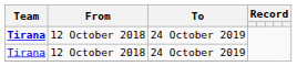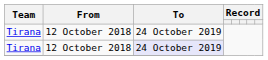 <table class="wikitable" style="text-align: center">
 <tr>
 <th rowspan="2">Team</th>
 <th rowspan="2">From</th>
 <th rowspan="2">To</th>
 <th colspan="5">Record</th>
 </tr>
 <tr>
 <th></th>
 <th></th>
 <th></th>
 <th></th>
 <th></th>
 </tr>
 <tr>
-<td><strong><a href='#'>Tirana</a></strong></td>
+<td><a href='#'>Tirana</a></td>
 <td>12 October 2018</td>
 <td>24 October 2019<br></td>
 </tr>
 <tr>
 <td><a href='#'>Tirana</a></td>
 <td>12 October 2018</td>
-<td>24 October 2019<br></td>
+<td style="background: lavender;">24 October 2019<br></td>
 </tr>
 <tr>
 </tr>
 </table>
